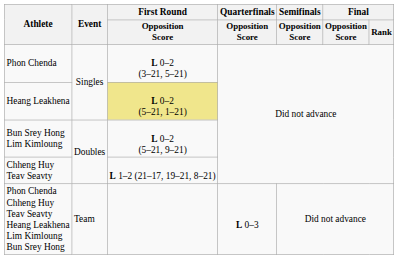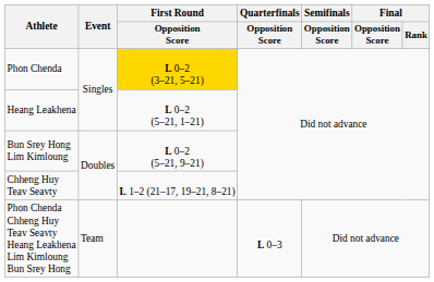 <table class="wikitable" style="font-size:90%">
 <tr>
 <th rowspan=2>Athlete</th>
 <th rowspan=2>Event</th>
 <th>First Round</th>
 <th>Quarterfinals</th>
 <th>Semifinals</th>
 <th colspan=2>Final</th>
 </tr>
 <tr style="font-size:95%">
 <th>Opposition<br>Score</th>
 <th>Opposition<br>Score</th>
 <th>Opposition<br>Score</th>
 <th>Opposition<br>Score</th>
 <th>Rank</th>
 </tr>
 <tr align=center>
 <td align=left>Phon Chenda</td>
 <td rowspan=2>Singles</td>
-<td><br><strong>L</strong> 0–2<br>(3–21, 5–21)</td>
+<td style="background: gold;"><br><strong>L</strong> 0–2<br>(3–21, 5–21)</td>
 <td rowspan=4 colspan=4>Did not advance</td>
 </tr>
 <tr align=center>
 <td align=left>Heang Leakhena</td>
-<td style="background: khaki;"><br><strong>L</strong> 0–2<br>(5–21, 1–21)</td>
+<td><br><strong>L</strong> 0–2<br>(5–21, 1–21)</td>
 </tr>
 <tr align=center>
 <td align=left>Bun Srey Hong<br>Lim Kimloung</td>
 <td rowspan=2>Doubles</td>
 <td><br><strong>L</strong> 0–2<br>(5–21, 9–21)</td>
 </tr>
 <tr align=center>
 <td align=left>Chheng Huy<br>Teav Seavty</td>
 <td><br><strong>L</strong> 1–2 (21–17, 19–21, 8–21)</td>
 </tr>
 <tr align=center>
 <td align=left>Phon Chenda<br>Chheng Huy<br>Teav Seavty<br>Heang Leakhena<br>Lim Kimloung<br>Bun Srey Hong</td>
 <td align=left>Team</td>
 <td></td>
 <td><br><strong>L</strong> 0–3</td>
 <td colspan=3>Did not advance</td>
 </tr>
 </table>
